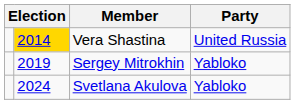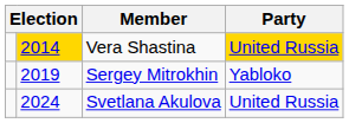 <table class="wikitable">
 <tr>
 <th colspan="2">Election</th>
 <th>Member</th>
 <th>Party</th>
 </tr>
 <tr>
 <td style="background-color:"></td>
 <td style="background: gold;"><a href='#'>2014</a></td>
 <td>Vera Shastina</td>
-<td><a href='#'>United Russia</a></td>
+<td style="background: gold;"><a href='#'>United Russia</a></td>
 </tr>
 <tr>
 <td style="background-color:"></td>
 <td><a href='#'>2019</a></td>
 <td><a href='#'>Sergey Mitrokhin</a></td>
 <td><a href='#'>Yabloko</a></td>
 </tr>
 <tr>
 <td style="background-color:"></td>
 <td><a href='#'>2024</a></td>
 <td><a href='#'>Svetlana Akulova</a></td>
-<td><a href='#'>Yabloko</a></td>
+<td><a href='#'>United Russia</a></td>
 </tr>
 </table>
